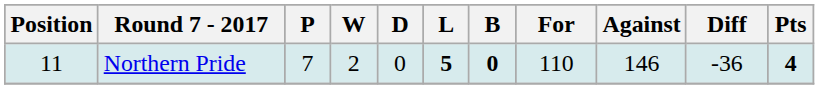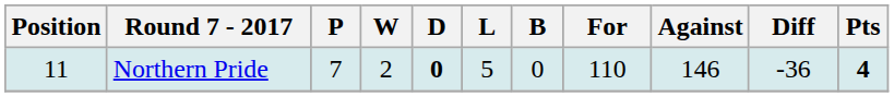 <table class="wikitable" style="text-align:center; font-size:85%;">
 <tr>
 <th width=40 abbr="Position">Position</th>
 <th width=100>Round 7 - 2017</th>
 <th width=20 abbr="Played">P</th>
 <th width=20 abbr="Won">W</th>
 <th width=20 abbr="Drawn">D</th>
 <th width=20 abbr="Lost">L</th>
 <th width=20 abbr="Bye">B</th>
 <th width=40 abbr="Points for">For</th>
 <th width=40 abbr="Points against">Against</th>
 <th width=40 abbr="Points difference">Diff</th>
 <th width=20 abbr="Points">Pts</th>
 </tr>
 <tr style="background: #d7ebed;">
 <td>11</td>
 <td style="text-align:left;"> <a href='#'>Northern Pride</a></td>
 <td>7</td>
 <td>2</td>
+<td><strong>0</strong></td>
+<td>5</td>
 <td>0</td>
-<td><strong>5</strong></td>
-<td><strong>0</strong></td>
 <td>110</td>
 <td>146</td>
 <td>-36</td>
 <td><strong>4</strong></td>
 </tr>
 <tr>
 </tr>
 </table>
